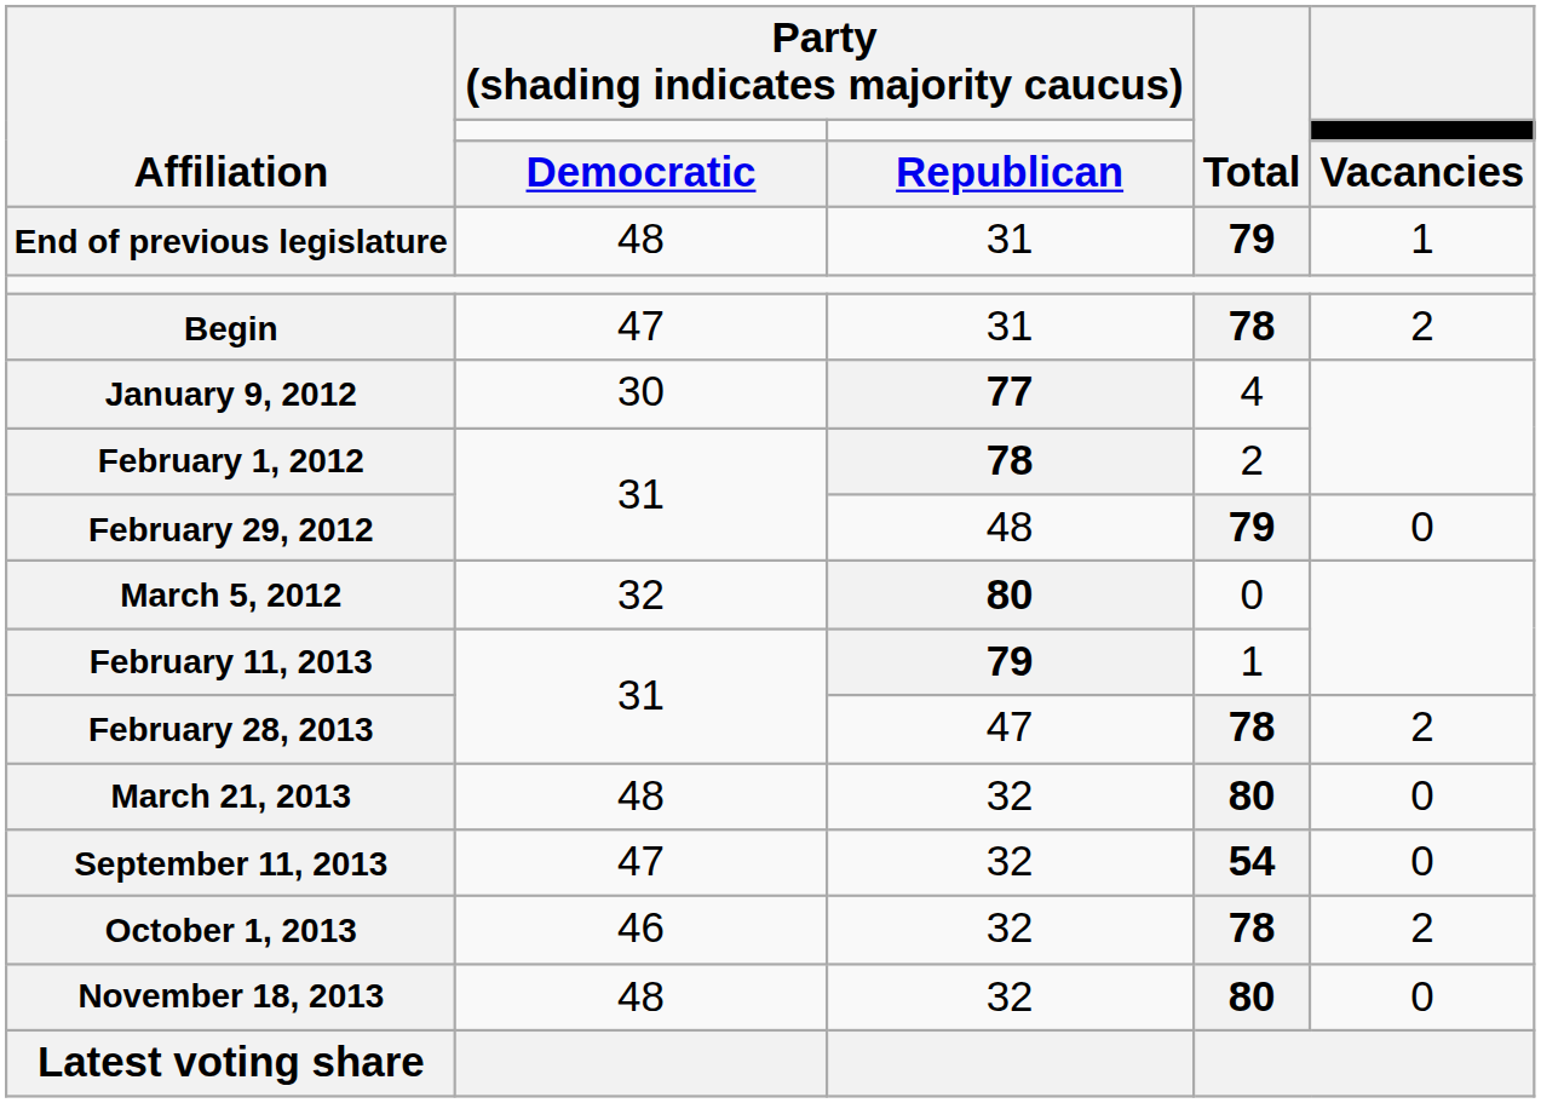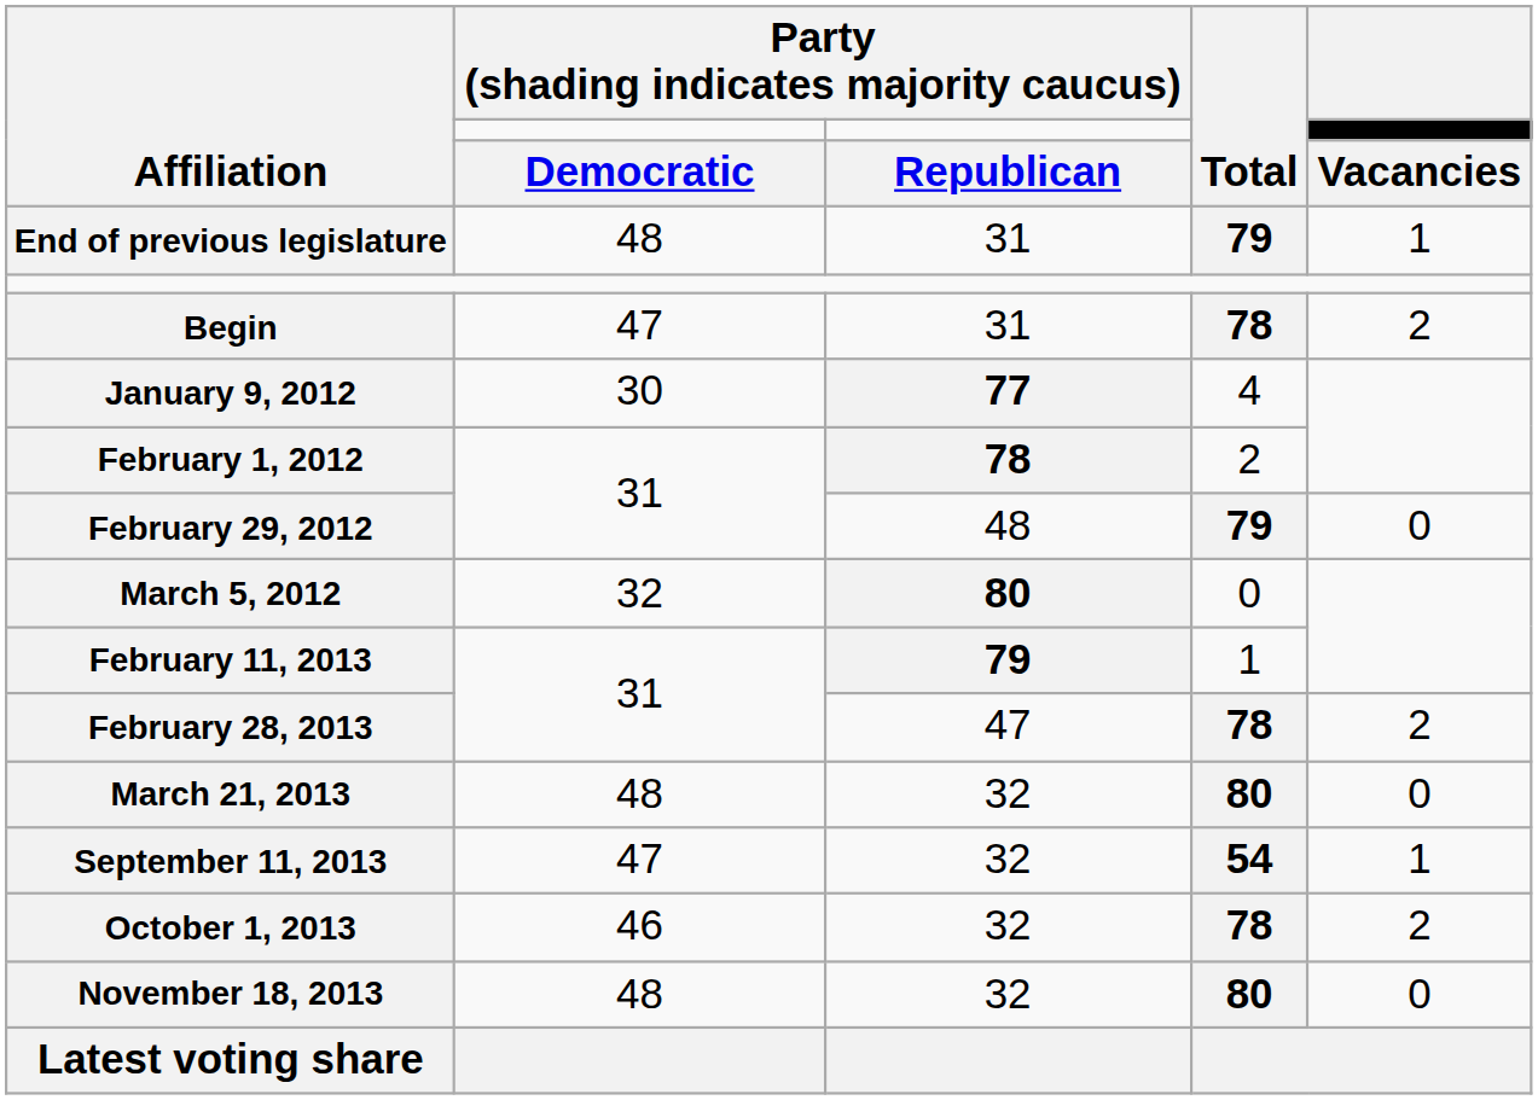 <table class=wikitable style="text-align:center">
 <tr style="vertical-align:bottom;">
 <th rowspan=3>Affiliation</th>
 <th colspan=2>Party <div>(shading indicates majority caucus)</div></th>
 <th rowspan=3>Total</th>
 <th></th>
 </tr>
 <tr style="height:5px">
 <td style="background-color:"></td>
 <td style="background-color:"></td>
 <td style="background: black"></td>
 </tr>
 <tr>
 <th><a href='#'>Democratic</a></th>
 <th><a href='#'>Republican</a></th>
 <th>Vacancies</th>
 </tr>
 <tr>
 <th nowrap style="font-size:80%">End of previous legislature</th>
 <td>48</td>
 <td>31</td>
 <th>79</th>
 <td>1</td>
 </tr>
 <tr>
 <td colspan=5></td>
 </tr>
 <tr>
 <th nowrap style="font-size:80%">Begin</th>
 <td>47</td>
 <td>31</td>
 <th>78</th>
 <td>2</td>
 </tr>
 <tr>
 <th nowrap style="font-size:80%">January 9, 2012</th>
 <td>30</td>
 <th>77</th>
 <td>4</td>
 </tr>
 <tr>
 <th nowrap style="font-size:80%">February 1, 2012</th>
 <td rowspan=2>31</td>
 <th>78</th>
 <td>2</td>
 </tr>
 <tr>
 <th nowrap style="font-size:80%">February 29, 2012</th>
 <td>48</td>
 <th>79</th>
 <td>0</td>
 </tr>
 <tr>
 <th nowrap style="font-size:80%">March 5, 2012</th>
 <td>32</td>
 <th>80</th>
 <td>0</td>
 </tr>
 <tr>
 <th nowrap style="font-size:80%">February 11, 2013</th>
 <td rowspan=2>31</td>
 <th>79</th>
 <td>1</td>
 </tr>
 <tr>
 <th nowrap style="font-size:80%">February 28, 2013</th>
 <td>47</td>
 <th>78</th>
 <td>2</td>
 </tr>
 <tr>
 <th nowrap style="font-size:80%">March 21, 2013</th>
 <td>48</td>
 <td>32</td>
 <th>80</th>
 <td>0</td>
 </tr>
 <tr>
 <th nowrap style="font-size:80%">September 11, 2013</th>
 <td>47</td>
 <td>32</td>
 <th>54</th>
-<td>0</td>
+<td>1</td>
 </tr>
 <tr>
 <th nowrap style="font-size:80%">October 1, 2013</th>
 <td>46</td>
 <td>32</td>
 <th>78</th>
 <td>2</td>
 </tr>
 <tr>
 <th nowrap style="font-size:80%">November 18, 2013</th>
 <td>48</td>
 <td>32</td>
 <th>80</th>
 <td>0</td>
 </tr>
 <tr>
 <th>Latest voting share</th>
 <th></th>
 <th></th>
 <th colspan=2></th>
 </tr>
 </table>
